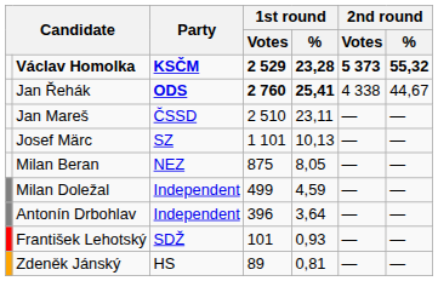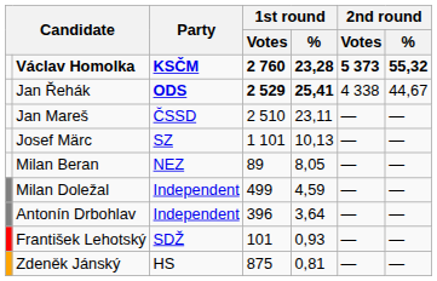 <table class="wikitable sortable">
 <tr>
 <th colspan="2" rowspan="2">Candidate</th>
 <th rowspan="2">Party</th>
 <th colspan="2">1st round</th>
 <th colspan="2">2nd round</th>
 </tr>
 <tr>
 <th>Votes</th>
 <th>%</th>
 <th>Votes</th>
 <th>%</th>
 </tr>
 <tr>
 <td style="background-color:"></td>
 <td><strong>Václav Homolka</strong></td>
 <td><a href='#'><strong>KSČM</strong></a></td>
-<td><strong>2 529</strong></td>
+<td><strong>2 760</strong></td>
 <td><strong>23,28</strong></td>
 <td><strong>5 373</strong></td>
 <td><strong>55,32</strong></td>
 </tr>
 <tr>
 <td style="background-color:"></td>
 <td>Jan Řehák</td>
 <td><strong><a href='#'>ODS</a></strong></td>
-<td><strong>2 760</strong></td>
+<td><strong>2 529</strong></td>
 <td><strong>25,41</strong></td>
 <td>4 338</td>
 <td>44,67</td>
 </tr>
 <tr>
 <td style="background-color:"></td>
 <td>Jan Mareš</td>
 <td><a href='#'>ČSSD</a></td>
 <td>2 510</td>
 <td>23,11</td>
 <td>—</td>
 <td>—</td>
 </tr>
 <tr>
 <td style="background-color:"></td>
 <td>Josef Märc</td>
 <td><a href='#'>SZ</a></td>
 <td>1 101</td>
 <td>10,13</td>
 <td>—</td>
 <td>—</td>
 </tr>
 <tr>
 <td style="background-color:"></td>
 <td>Milan Beran</td>
 <td><a href='#'>NEZ</a></td>
-<td>875</td>
+<td>89</td>
 <td>8,05</td>
 <td>—</td>
 <td>—</td>
 </tr>
 <tr>
 <td style="background-color:gray;"></td>
 <td>Milan Doležal</td>
 <td><a href='#'>Independent</a></td>
 <td>499</td>
 <td>4,59</td>
 <td>—</td>
 <td>—</td>
 </tr>
 <tr>
 <td style="background-color:gray;"></td>
 <td>Antonín Drbohlav</td>
 <td><a href='#'>Independent</a></td>
 <td>396</td>
 <td>3,64</td>
 <td>—</td>
 <td>—</td>
 </tr>
 <tr>
 <td style="background-color:red"></td>
 <td>František Lehotský</td>
 <td><a href='#'>SDŽ</a></td>
 <td>101</td>
 <td>0,93</td>
 <td>—</td>
 <td>—</td>
 </tr>
 <tr>
 <td style="background-color:orange;"></td>
 <td>Zdeněk Jánský</td>
 <td>HS</td>
-<td>89</td>
+<td>875</td>
 <td>0,81</td>
 <td>—</td>
 <td>—</td>
 </tr>
 </table>
